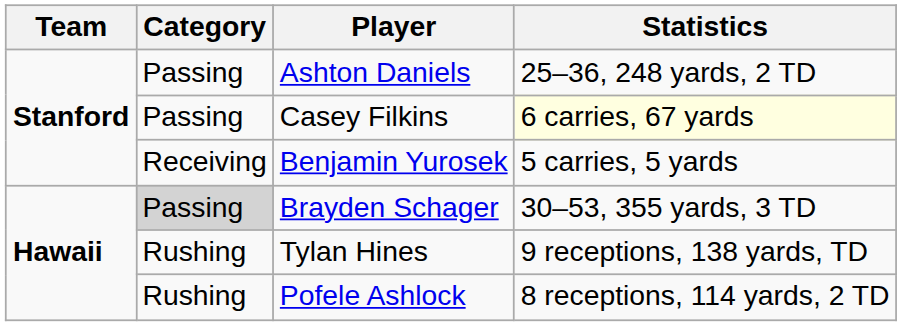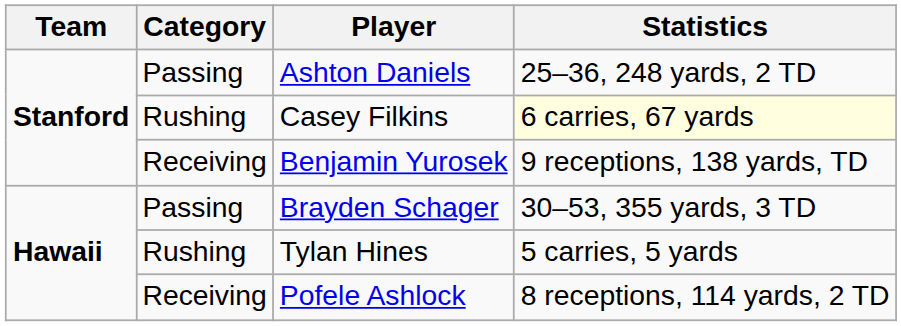 <table class="wikitable" style="float: right;">
 <tr>
 <th>Team</th>
 <th>Category</th>
 <th>Player</th>
 <th>Statistics</th>
 </tr>
 <tr>
 <td rowspan=3><strong>Stanford</strong></td>
 <td>Passing</td>
 <td><a href='#'>Ashton Daniels</a></td>
 <td>25–36, 248 yards, 2 TD</td>
 </tr>
 <tr>
-<td>Passing</td>
+<td>Rushing</td>
 <td>Casey Filkins</td>
 <td style="background: lightyellow;">6 carries, 67 yards</td>
 </tr>
 <tr>
 <td>Receiving</td>
 <td><a href='#'>Benjamin Yurosek</a></td>
-<td>5 carries, 5 yards</td>
+<td>9 receptions, 138 yards, TD</td>
 </tr>
 <tr>
 <td rowspan=3><strong>Hawaii</strong></td>
-<td style="background: lightgrey;">Passing</td>
+<td>Passing</td>
 <td><a href='#'>Brayden Schager</a></td>
 <td>30–53, 355 yards, 3 TD</td>
 </tr>
 <tr>
 <td>Rushing</td>
 <td>Tylan Hines</td>
-<td>9 receptions, 138 yards, TD</td>
+<td>5 carries, 5 yards</td>
 </tr>
 <tr>
-<td>Rushing</td>
+<td>Receiving</td>
 <td><a href='#'>Pofele Ashlock</a></td>
 <td>8 receptions, 114 yards, 2 TD</td>
 </tr>
 </table>
